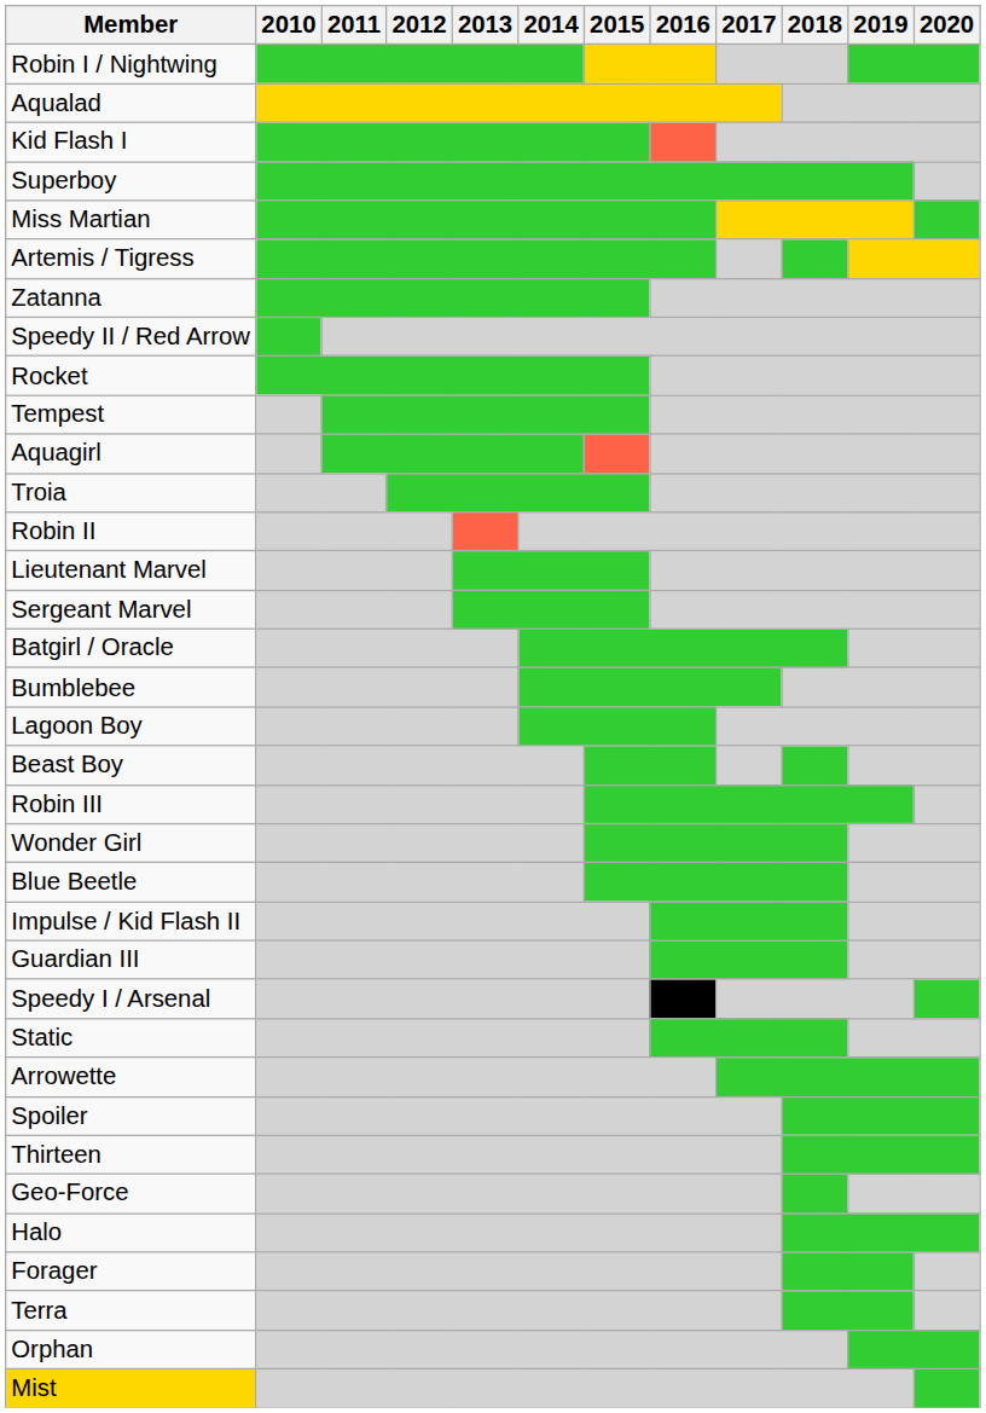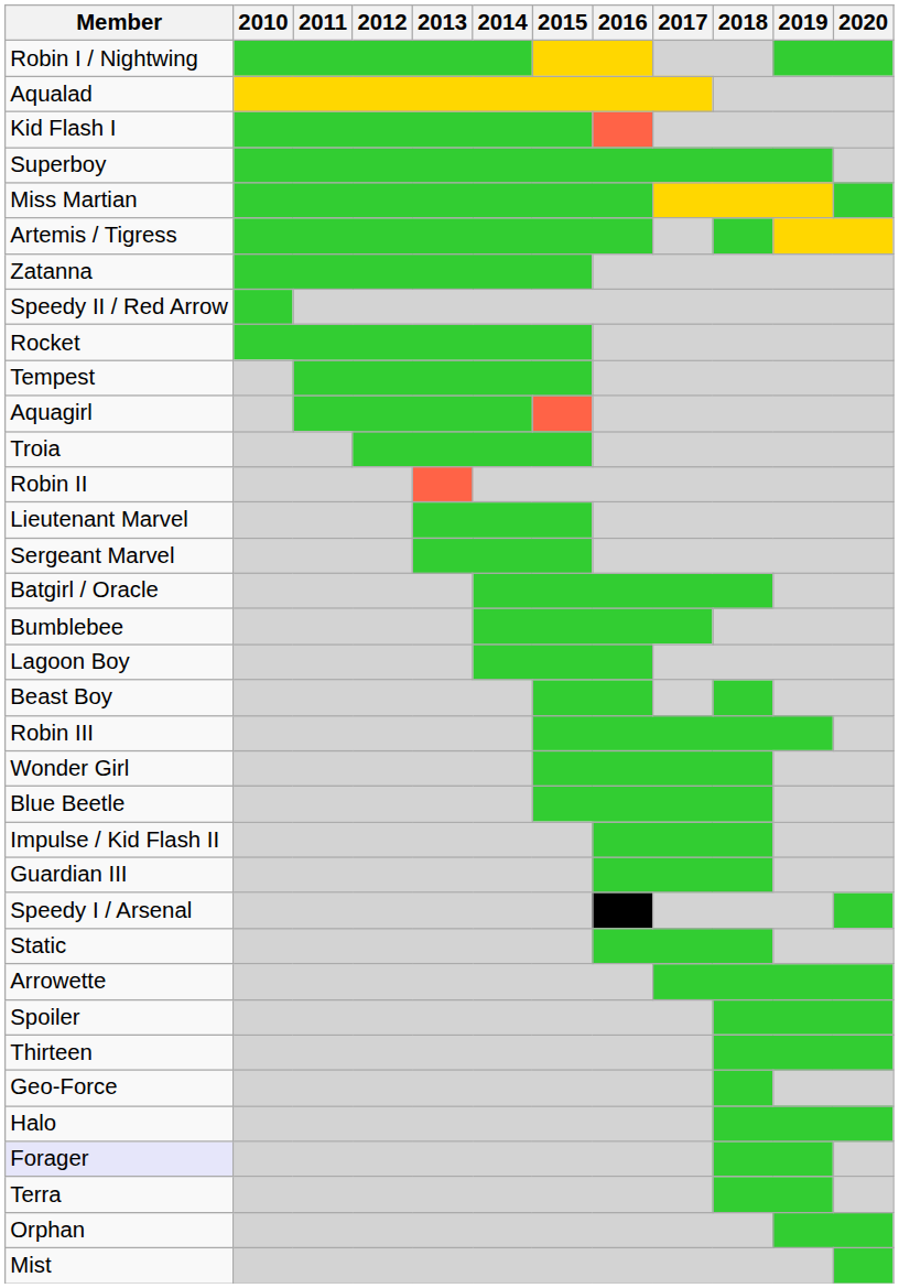 <table class="wikitable" style="text-align:centercore;">
 <tr>
 <th rowspan="1">Member</th>
 <th width=5>2010</th>
 <th width=5>2011</th>
 <th width=5>2012</th>
 <th width=5>2013</th>
 <th width=5>2014</th>
 <th width=5>2015</th>
 <th width=5>2016</th>
 <th width=5>2017</th>
 <th width=5>2018</th>
 <th width=5>2019</th>
 <th width=5>2020</th>
 </tr>
 <tr>
 <td>Robin I / Nightwing</td>
 <td bgcolor="limegreen" colspan="5"></td>
 <td bgcolor="gold" colspan="2"></td>
 <td bgcolor="lightgrey" colspan="2"></td>
 <td bgcolor="limegreen" colspan="2"></td>
 </tr>
 <tr>
 <td>Aqualad</td>
 <td bgcolor="gold" colspan="8"></td>
 <td bgcolor="lightgrey" colspan="55"></td>
 </tr>
 <tr>
 <td>Kid Flash I</td>
 <td bgcolor="limegreen" colspan="6"></td>
 <td bgcolor="tomato" colspan="1"></td>
 <td bgcolor="lightgrey" colspan="55"></td>
 </tr>
 <tr>
 <td>Superboy</td>
 <td bgcolor="limegreen" colspan="10"></td>
 <td bgcolor="lightgrey" colspan="55"></td>
 </tr>
 <tr>
 <td>Miss Martian</td>
 <td bgcolor="limegreen" colspan="7"></td>
 <td bgcolor="gold" colspan="3"></td>
 <td bgcolor="limegreen"></td>
 </tr>
 <tr>
 <td>Artemis / Tigress</td>
 <td bgcolor="limegreen" colspan="7"></td>
 <td bgcolor="lightgrey" colspan="1"></td>
 <td bgcolor="limegreen" colspan="1"></td>
 <td bgcolor="gold" colspan="2"></td>
 </tr>
 <tr>
 <td>Zatanna</td>
 <td bgcolor="limegreen" colspan="6"></td>
 <td bgcolor="lightgrey" colspan="55"></td>
 </tr>
 <tr>
 <td>Speedy II / Red Arrow</td>
 <td bgcolor="limegreen" colspan="1"></td>
 <td bgcolor="lightgrey" colspan="55"></td>
 </tr>
 <tr>
 <td>Rocket</td>
 <td bgcolor="limegreen" colspan="6"></td>
 <td bgcolor="lightgrey" colspan="55"></td>
 </tr>
 <tr>
 <td>Tempest</td>
 <td bgcolor="lightgrey" colspan="1"></td>
 <td bgcolor="limegreen" colspan="5"></td>
 <td bgcolor="lightgrey" colspan="55"></td>
 </tr>
 <tr>
 <td>Aquagirl</td>
 <td bgcolor="lightgrey" colspan="1"></td>
 <td bgcolor="limegreen" colspan="4"></td>
 <td bgcolor="tomato" colspan="1"></td>
 <td bgcolor="lightgrey" colspan="55"></td>
 </tr>
 <tr>
 <td>Troia</td>
 <td bgcolor="lightgrey" colspan="2"></td>
 <td bgcolor="limegreen" colspan="4"></td>
 <td bgcolor="lightgrey" colspan="55"></td>
 </tr>
 <tr>
 <td>Robin II</td>
 <td bgcolor="lightgrey" colspan="3"></td>
 <td bgcolor="tomato" colspan="1"></td>
 <td bgcolor="lightgrey" colspan="55"></td>
 </tr>
 <tr>
 <td>Lieutenant Marvel</td>
 <td bgcolor="lightgrey" colspan="3"></td>
 <td bgcolor="limegreen" colspan="3"></td>
 <td bgcolor="lightgrey" colspan="55"></td>
 </tr>
 <tr>
 <td>Sergeant Marvel</td>
 <td bgcolor="lightgrey" colspan="3"></td>
 <td bgcolor="limegreen" colspan="3"></td>
 <td bgcolor="lightgrey" colspan="55"></td>
 </tr>
 <tr>
 <td>Batgirl / Oracle</td>
 <td bgcolor="lightgrey" colspan="4"></td>
 <td bgcolor="limegreen" colspan="5"></td>
 <td bgcolor="lightgrey" colspan="55"></td>
 </tr>
 <tr>
 <td>Bumblebee</td>
 <td bgcolor="lightgrey" colspan="4"></td>
 <td bgcolor="limegreen" colspan="4"></td>
 <td bgcolor="lightgrey" colspan="55"></td>
 </tr>
 <tr>
 <td>Lagoon Boy</td>
 <td bgcolor="lightgrey" colspan="4"></td>
 <td bgcolor="limegreen" colspan="3"></td>
 <td bgcolor="lightgrey" colspan="55"></td>
 </tr>
 <tr>
 <td>Beast Boy</td>
 <td bgcolor="lightgrey" colspan="5"></td>
 <td bgcolor="limegreen" colspan="2"></td>
 <td bgcolor="lightgrey"></td>
 <td bgcolor="limegreen"></td>
 <td bgcolor="lightgrey" colspan="55"></td>
 </tr>
 <tr>
 <td>Robin III</td>
 <td bgcolor="lightgrey" colspan="5"></td>
 <td bgcolor="limegreen" colspan="5"></td>
 <td bgcolor="lightgrey" colspan="55"></td>
 </tr>
 <tr>
 <td>Wonder Girl</td>
 <td bgcolor="lightgrey" colspan="5"></td>
 <td bgcolor="limegreen" colspan="4"></td>
 <td bgcolor="lightgrey" colspan="55"></td>
 </tr>
 <tr>
 <td>Blue Beetle</td>
 <td bgcolor="lightgrey" colspan="5"></td>
 <td bgcolor="limegreen" colspan="4"></td>
 <td bgcolor="lightgrey" colspan="55"></td>
 </tr>
 <tr>
 <td>Impulse / Kid Flash II</td>
 <td bgcolor="lightgrey" colspan="6"></td>
 <td bgcolor="limegreen" colspan="3"></td>
 <td bgcolor="lightgrey" colspan="55"></td>
 </tr>
 <tr>
 <td>Guardian III</td>
 <td bgcolor="lightgrey" colspan="6"></td>
 <td bgcolor="limegreen" colspan="3"></td>
 <td bgcolor="lightgrey" colspan="55"></td>
 </tr>
 <tr>
 <td>Speedy I / Arsenal</td>
 <td bgcolor="lightgrey" colspan="6"></td>
 <td bgcolor="black" colspan="1"></td>
 <td bgcolor="lightgrey" colspan="3"></td>
 <td bgcolor="limegreen"></td>
 </tr>
 <tr>
 <td>Static</td>
 <td bgcolor="lightgrey" colspan="6"></td>
 <td bgcolor="limegreen" colspan="3"></td>
 <td bgcolor="lightgrey" colspan="55"></td>
 </tr>
 <tr>
 <td>Arrowette</td>
 <td bgcolor="lightgrey" colspan="7"></td>
 <td bgcolor="limegreen" colspan="55"></td>
 </tr>
 <tr>
 <td>Spoiler</td>
 <td bgcolor="lightgrey" colspan="8"></td>
 <td bgcolor="limegreen" colspan="55"></td>
 </tr>
 <tr>
 <td>Thirteen</td>
 <td bgcolor="lightgrey" colspan="8"></td>
 <td bgcolor="limegreen" colspan="55"></td>
 </tr>
 <tr>
 <td>Geo-Force</td>
 <td bgcolor="lightgrey" colspan="8"></td>
 <td bgcolor="limegreen" colspan="1"></td>
 <td bgcolor="lightgrey" colspan="55"></td>
 </tr>
 <tr>
 <td>Halo</td>
 <td bgcolor="lightgrey" colspan="8"></td>
 <td bgcolor="limegreen" colspan="55"></td>
 </tr>
 <tr>
-<td>Forager</td>
+<td style="background: lavender;">Forager</td>
 <td bgcolor="lightgrey" colspan="8"></td>
 <td bgcolor="limegreen" colspan="2"></td>
 <td bgcolor="lightgrey" colspan="55"></td>
 </tr>
 <tr>
 <td>Terra</td>
 <td bgcolor="lightgrey" colspan="8"></td>
 <td bgcolor="limegreen" colspan="2"></td>
 <td bgcolor="lightgrey" colspan="55"></td>
 </tr>
 <tr>
 <td>Orphan</td>
 <td bgcolor="lightgrey" colspan="9"></td>
 <td bgcolor="limegreen" colspan="55"></td>
 </tr>
 <tr>
-<td style="background: gold;">Mist</td>
+<td>Mist</td>
 <td bgcolor="lightgrey" colspan="10"></td>
 <td bgcolor="limegreen" colspan="55"></td>
 </tr>
 <tr>
 </tr>
 </table>
